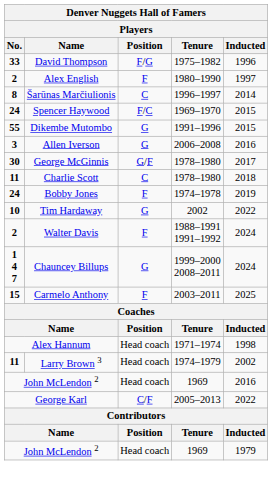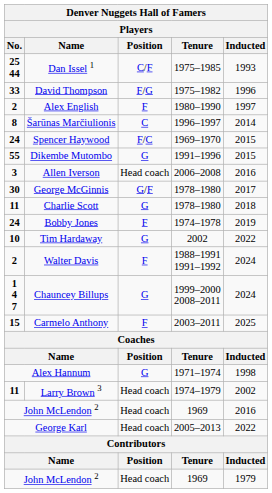 <table class="wikitable" style="text-align:center">
 <tr>
 <th colspan="5">Denver Nuggets Hall of Famers</th>
 </tr>
 <tr>
 <th colspan="5" style="text-align:center; ">Players</th>
 </tr>
 <tr>
 <th>No.</th>
 <th>Name</th>
 <th>Position</th>
 <th>Tenure</th>
 <th>Inducted</th>
+</tr>
+<tr>
+<td><strong>25</strong><br><strong>44</strong></td>
+<td><a href='#'>Dan Issel</a> <sup>1</sup></td>
+<td><a href='#'>C</a>/<a href='#'>F</a></td>
+<td>1975–1985</td>
+<td>1993</td>
 </tr>
 <tr>
 <td><strong>33</strong></td>
 <td><a href='#'>David Thompson</a></td>
 <td><a href='#'>F</a>/<a href='#'>G</a></td>
 <td>1975–1982</td>
 <td>1996</td>
 </tr>
 <tr>
 <td><strong>2</strong></td>
 <td><a href='#'>Alex English</a></td>
 <td><a href='#'>F</a></td>
 <td>1980–1990</td>
 <td>1997</td>
 </tr>
 <tr>
 <td><strong>8</strong></td>
 <td><a href='#'>Šarūnas Marčiulionis</a></td>
 <td><a href='#'>C</a></td>
 <td>1996–1997</td>
 <td>2014</td>
 </tr>
 <tr>
 <td><strong>24</strong></td>
 <td><a href='#'>Spencer Haywood</a></td>
 <td><a href='#'>F</a>/<a href='#'>C</a></td>
 <td>1969–1970</td>
 <td>2015</td>
 </tr>
 <tr>
 <td><strong>55</strong></td>
 <td><a href='#'>Dikembe Mutombo</a></td>
 <td><a href='#'>G</a></td>
 <td>1991–1996</td>
 <td>2015</td>
 </tr>
 <tr>
 <td><strong>3</strong></td>
 <td><a href='#'>Allen Iverson</a></td>
-<td><a href='#'>G</a></td>
+<td>Head coach</td>
 <td>2006–2008</td>
 <td>2016</td>
 </tr>
 <tr>
 <td><strong>30</strong></td>
 <td><a href='#'>George McGinnis</a></td>
 <td><a href='#'>G</a>/<a href='#'>F</a></td>
 <td>1978–1980</td>
 <td>2017</td>
 </tr>
 <tr>
 <td><strong>11</strong></td>
 <td><a href='#'>Charlie Scott</a></td>
-<td><a href='#'>C</a></td>
+<td><a href='#'>G</a></td>
 <td>1978–1980</td>
 <td>2018</td>
 </tr>
 <tr>
 <td><strong>24</strong></td>
 <td><a href='#'>Bobby Jones</a></td>
 <td><a href='#'>F</a></td>
 <td>1974–1978</td>
 <td>2019</td>
 </tr>
 <tr>
 <td><strong>10</strong></td>
 <td><a href='#'>Tim Hardaway</a></td>
 <td><a href='#'>G</a></td>
 <td>2002</td>
 <td>2022</td>
 </tr>
 <tr>
 <td><strong>2</strong></td>
 <td><a href='#'>Walter Davis</a></td>
 <td><a href='#'>F</a></td>
 <td>1988–1991<br>1991–1992</td>
 <td>2024</td>
 </tr>
 <tr>
 <td><strong>1</strong><br><strong>4</strong><br><strong>7</strong></td>
 <td><a href='#'>Chauncey Billups</a></td>
 <td><a href='#'>G</a></td>
 <td>1999–2000<br>2008–2011</td>
 <td>2024</td>
 </tr>
 <tr>
 <td><strong>15</strong></td>
 <td><a href='#'>Carmelo Anthony</a></td>
 <td><a href='#'>F</a></td>
 <td>2003–2011</td>
 <td>2025</td>
 </tr>
 <tr>
 <th colspan="5" style="text-align:center; ">Coaches</th>
 </tr>
 <tr>
 <th colspan="2">Name</th>
 <th>Position</th>
 <th>Tenure</th>
 <th>Inducted</th>
 </tr>
 <tr>
 <td colspan="2"><a href='#'>Alex Hannum</a></td>
-<td>Head coach</td>
+<td><a href='#'>G</a></td>
 <td>1971–1974</td>
 <td>1998</td>
 </tr>
 <tr>
 <td><strong>11</strong></td>
 <td><a href='#'>Larry Brown</a> <sup>3</sup></td>
 <td>Head coach</td>
 <td>1974–1979</td>
 <td>2002</td>
 </tr>
 <tr>
 <td colspan="2"><a href='#'>John McLendon</a> <sup>2</sup></td>
 <td>Head coach</td>
 <td>1969</td>
 <td>2016</td>
 </tr>
 <tr>
 <td colspan="2"><a href='#'>George Karl</a></td>
-<td><a href='#'>C</a>/<a href='#'>F</a></td>
+<td>Head coach</td>
 <td>2005–2013</td>
 <td>2022</td>
 </tr>
 <tr>
 <th colspan="5" style="text-align:center; ">Contributors</th>
 </tr>
 <tr>
 <th colspan="2">Name</th>
 <th>Position</th>
 <th>Tenure</th>
 <th>Inducted</th>
 </tr>
 <tr>
 <td colspan="2"><a href='#'>John McLendon</a> <sup>2</sup></td>
 <td>Head coach</td>
 <td>1969</td>
 <td>1979</td>
 </tr>
 </table>
